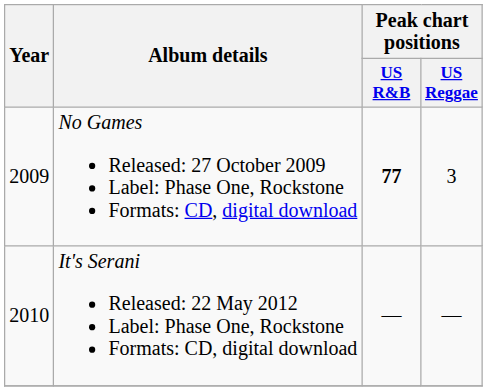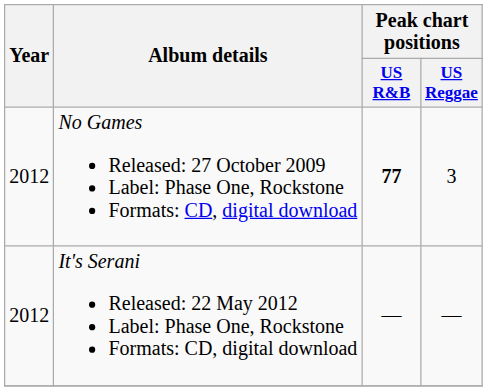 <table class="wikitable" style=text-align:center;>
 <tr>
 <th rowspan="2">Year</th>
 <th rowspan="2">Album details</th>
 <th colspan="2">Peak chart positions</th>
 </tr>
 <tr>
 <th style="width:3em;font-size:85%"><a href='#'>US<br>R&B</a><br></th>
 <th style="width:3em;font-size:85%"><a href='#'>US<br>Reggae</a><br></th>
 </tr>
 <tr>
-<td align=center>2009</td>
+<td align=center>2012</td>
 <td align="left"><em>No Games</em><br><ul><li>Released: 27 October 2009</li><li>Label: Phase One, Rockstone</li><li>Formats: <a href='#'>CD</a>, <a href='#'>digital download</a></li></ul></td>
 <td align=center><strong>77</strong></td>
 <td align=center>3</td>
 </tr>
 <tr>
-<td align=center>2010</td>
+<td align=center>2012</td>
 <td align="left"><em>It's Serani</em><br><ul><li>Released: 22 May 2012</li><li>Label: Phase One, Rockstone</li><li>Formats: CD, digital download</li></ul></td>
 <td align=center>—</td>
 <td align=center>—</td>
 </tr>
 <tr>
 </tr>
 </table>
